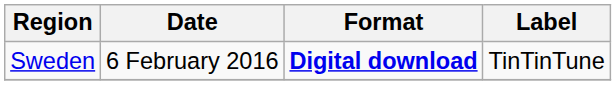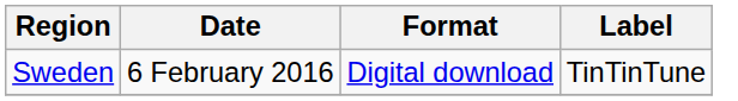 <table class=wikitable>
 <tr>
 <th>Region</th>
 <th>Date</th>
 <th>Format</th>
 <th>Label</th>
 </tr>
 <tr>
 <td><a href='#'>Sweden</a></td>
 <td>6 February 2016</td>
-<td><strong><a href='#'>Digital download</a></strong></td>
+<td><a href='#'>Digital download</a></td>
 <td>TinTinTune</td>
 </tr>
 <tr>
 </tr>
 </table>
